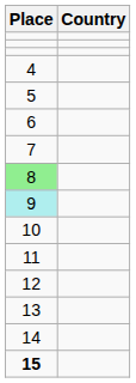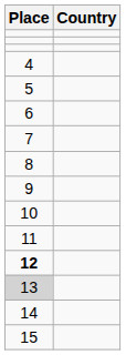 <table class="wikitable" style="font-size:95%;">
 <tr>
 <th>Place</th>
 <th>Country</th>
 </tr>
 <tr>
 <td align=center></td>
 <td></td>
 </tr>
 <tr>
 <td align=center></td>
 <td></td>
 </tr>
 <tr>
 <td align=center></td>
 <td></td>
 </tr>
 <tr>
 <td align=center>4</td>
 <td></td>
 </tr>
 <tr>
 <td align=center>5</td>
 <td></td>
 </tr>
 <tr>
 <td align=center>6</td>
 <td></td>
 </tr>
 <tr>
 <td align=center>7</td>
 <td></td>
 </tr>
 <tr>
-<td align=center style="background: lightgreen;">8</td>
+<td align=center>8</td>
 <td></td>
 </tr>
 <tr>
-<td align=center style="background: paleturquoise;">9</td>
+<td align=center>9</td>
 <td></td>
 </tr>
 <tr>
 <td align=center>10</td>
 <td></td>
 </tr>
 <tr>
 <td align=center>11</td>
 <td></td>
 </tr>
 <tr>
-<td align=center>12</td>
+<td align=center><strong>12</strong></td>
 <td></td>
 </tr>
 <tr>
-<td align=center>13</td>
+<td align=center style="background: lightgrey;">13</td>
 <td></td>
 </tr>
 <tr>
 <td align=center>14</td>
 <td></td>
 </tr>
 <tr>
-<td align=center><strong>15</strong></td>
+<td align=center>15</td>
 <td></td>
 </tr>
 </table>
